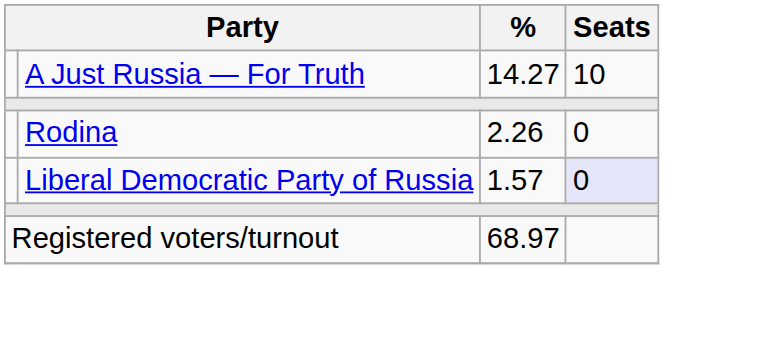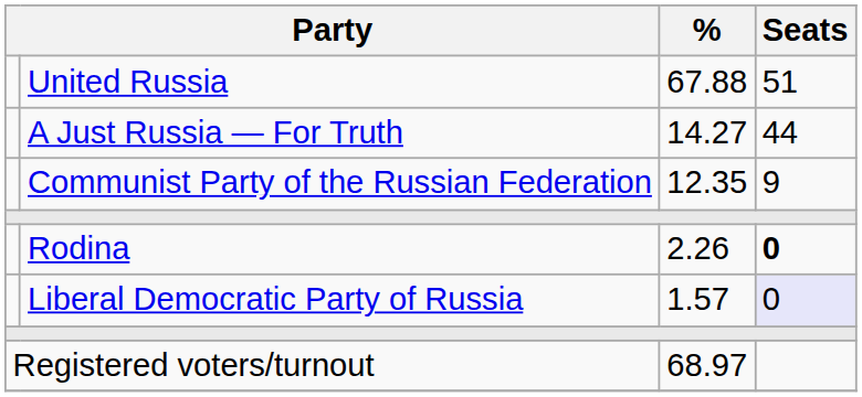 <table class="wikitable">
 <tr>
 <th colspan=2>Party</th>
 <th>%</th>
 <th>Seats</th>
 </tr>
 <tr>
 <td style="background:"></td>
+<td><a href='#'>United Russia</a></td>
+<td>67.88</td>
+<td>51</td>
+</tr>
+<tr>
+<td style="background:"></td>
 <td><a href='#'>A Just Russia — For Truth</a></td>
 <td>14.27</td>
-<td>10</td>
+<td>44</td>
+</tr>
+<tr>
+<td style="background:"></td>
+<td><a href='#'>Communist Party of the Russian Federation</a></td>
+<td>12.35</td>
+<td>9</td>
 </tr>
 <tr>
 <td colspan=4 style="background:#E9E9E9;"></td>
 </tr>
 <tr>
 <td style="background:"></td>
 <td><a href='#'>Rodina</a></td>
 <td>2.26</td>
-<td>0</td>
+<td><strong>0</strong></td>
 </tr>
 <tr>
 <td style="background:"></td>
 <td><a href='#'>Liberal Democratic Party of Russia</a></td>
 <td>1.57</td>
 <td style="background: lavender;">0</td>
 </tr>
 <tr>
 <td colspan=4 style="background:#E9E9E9;"></td>
 </tr>
 <tr>
 <td align=left colspan=2>Registered voters/turnout</td>
 <td>68.97</td>
 <td></td>
 </tr>
 <tr>
 </tr>
 </table>
